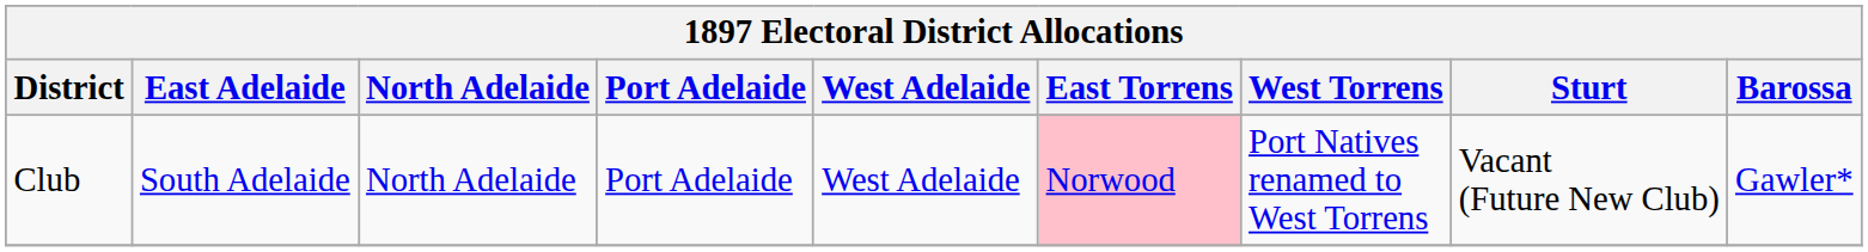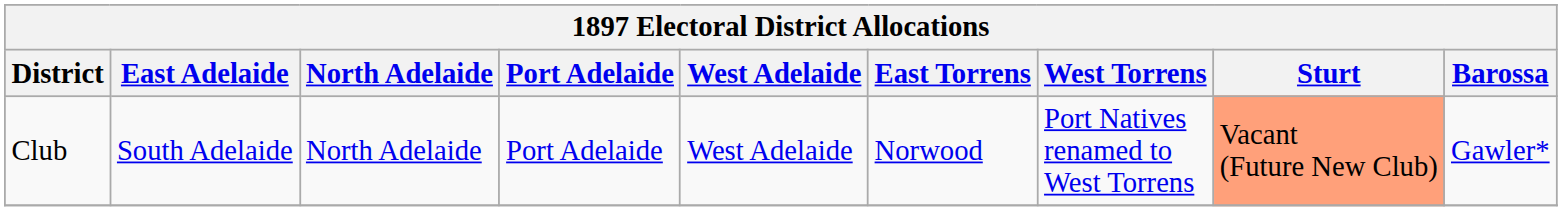 <table class="wikitable">
 <tr>
 <th colspan="9"><strong>1897 Electoral District Allocations</strong></th>
 </tr>
 <tr>
 <th>District</th>
 <th><a href='#'>East Adelaide</a></th>
 <th><a href='#'>North Adelaide</a></th>
 <th><a href='#'>Port Adelaide</a></th>
 <th><a href='#'>West Adelaide</a></th>
 <th><a href='#'>East Torrens</a></th>
 <th><a href='#'>West Torrens</a></th>
 <th><a href='#'>Sturt</a></th>
 <th><a href='#'>Barossa</a></th>
 </tr>
 <tr>
 <td>Club</td>
 <td><a href='#'>South Adelaide</a></td>
 <td><a href='#'>North Adelaide</a></td>
 <td><a href='#'>Port Adelaide</a></td>
 <td><a href='#'>West Adelaide</a></td>
-<td style="background: pink;"><a href='#'>Norwood</a></td>
+<td><a href='#'>Norwood</a></td>
 <td><a href='#'>Port Natives<br> renamed to <br>West Torrens</a></td>
-<td>Vacant <br>(Future New Club)</td>
+<td style="background: lightsalmon;">Vacant <br>(Future New Club)</td>
 <td><a href='#'>Gawler*</a></td>
 </tr>
 <tr>
 </tr>
 </table>
